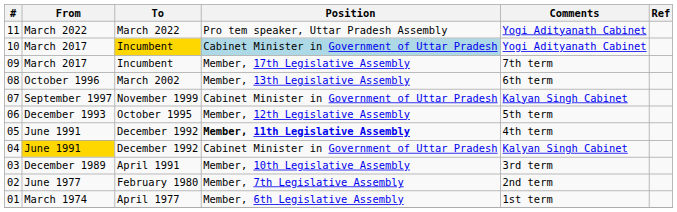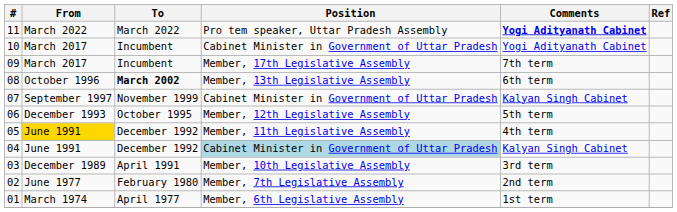 <table class="wikitable">
 <tr>
 <th>#</th>
 <th>From</th>
 <th>To</th>
 <th>Position</th>
 <th>Comments</th>
 <th>Ref</th>
 </tr>
 <tr>
 <td>11</td>
 <td>March 2022</td>
 <td>March 2022</td>
 <td>Pro tem speaker, Uttar Pradesh Assembly</td>
-<td><a href='#'>Yogi Adityanath Cabinet</a></td>
+<td><strong><a href='#'>Yogi Adityanath Cabinet</a></strong></td>
 <td></td>
 </tr>
 <tr>
 <td>10</td>
 <td>March 2017</td>
-<td style="background: gold;">Incumbent</td>
-<td style="background: lightblue;">Cabinet Minister in <a href='#'>Government of Uttar Pradesh</a></td>
+<td>Incumbent</td>
+<td>Cabinet Minister in <a href='#'>Government of Uttar Pradesh</a></td>
 <td><a href='#'>Yogi Adityanath Cabinet</a></td>
 <td></td>
 </tr>
 <tr>
 <td>09</td>
 <td>March 2017</td>
 <td>Incumbent</td>
 <td>Member, <a href='#'>17th Legislative Assembly</a></td>
 <td>7th term</td>
 <td></td>
 </tr>
 <tr>
 <td>08</td>
 <td>October 1996</td>
-<td>March 2002</td>
+<td><strong>March 2002</strong></td>
 <td>Member, <a href='#'>13th Legislative Assembly</a></td>
 <td>6th term</td>
 <td></td>
 </tr>
 <tr>
 <td>07</td>
 <td>September 1997</td>
 <td>November 1999</td>
 <td>Cabinet Minister in <a href='#'>Government of Uttar Pradesh</a></td>
 <td><a href='#'>Kalyan Singh Cabinet</a></td>
 <td></td>
 </tr>
 <tr>
 <td>06</td>
 <td>December 1993</td>
 <td>October 1995</td>
 <td>Member, <a href='#'>12th Legislative Assembly</a></td>
 <td>5th term</td>
 <td></td>
 </tr>
 <tr>
 <td>05</td>
-<td>June 1991</td>
+<td style="background: gold;">June 1991</td>
 <td>December 1992</td>
-<td><strong>Member, <a href='#'>11th Legislative Assembly</a></strong></td>
+<td>Member, <a href='#'>11th Legislative Assembly</a></td>
 <td>4th term</td>
 <td></td>
 </tr>
 <tr>
 <td>04</td>
-<td style="background: gold;">June 1991</td>
+<td>June 1991</td>
 <td>December 1992</td>
-<td>Cabinet Minister in <a href='#'>Government of Uttar Pradesh</a></td>
+<td style="background: lightblue;">Cabinet Minister in <a href='#'>Government of Uttar Pradesh</a></td>
 <td><a href='#'>Kalyan Singh Cabinet</a></td>
 <td></td>
 </tr>
 <tr>
 <td>03</td>
 <td>December 1989</td>
 <td>April 1991</td>
 <td>Member, <a href='#'>10th Legislative Assembly</a></td>
 <td>3rd term</td>
 <td></td>
 </tr>
 <tr>
 <td>02</td>
 <td>June 1977</td>
 <td>February 1980</td>
 <td>Member, <a href='#'>7th Legislative Assembly</a></td>
 <td>2nd term</td>
 <td></td>
 </tr>
 <tr>
 <td>01</td>
 <td>March 1974</td>
 <td>April 1977</td>
 <td>Member, <a href='#'>6th Legislative Assembly</a></td>
 <td>1st term</td>
 <td></td>
 </tr>
 <tr>
 </tr>
 </table>
